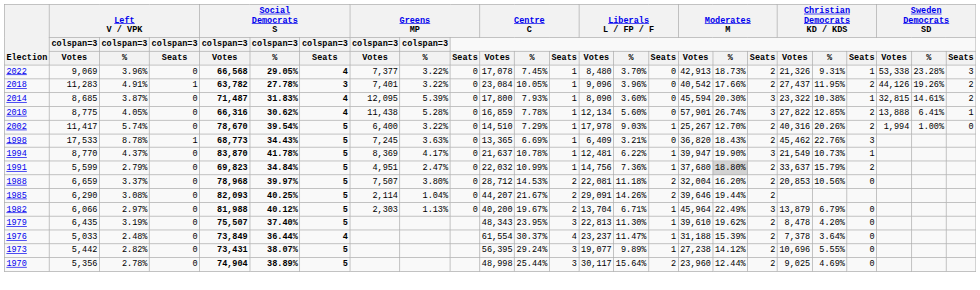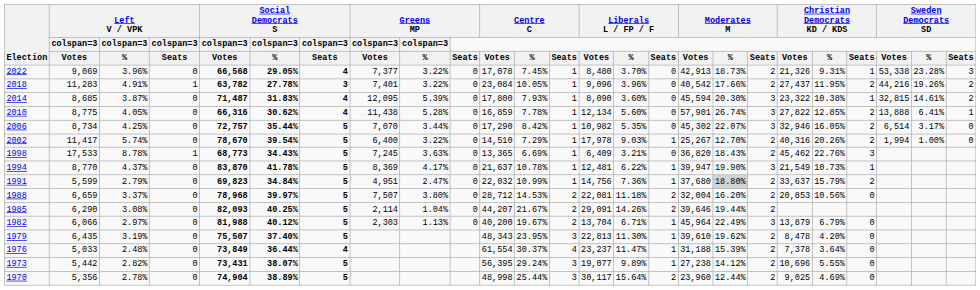 <table class="wikitable" border="1" style="font-size:95%; text-align:right;">
 <tr>
 <th style="text-align:left;" valign=bottom rowspan=3>Election</th>
 <th valign=bottom colspan=3><a href='#'>Left</a><br>V / VPK</th>
 <th valign=bottom colspan=3><a href='#'>Social<br>Democrats</a><br>S</th>
 <th valign=bottom colspan=3><a href='#'>Greens</a><br>MP</th>
 <th valign=bottom colspan=3><a href='#'>Centre</a><br>C</th>
 <th valign=bottom colspan=3><a href='#'>Liberals</a><br>L / FP / F</th>
 <th valign=bottom colspan=3><a href='#'>Moderates</a><br>M</th>
 <th valign=bottom colspan=3><a href='#'>Christian<br>Democrats</a><br>KD / KDS</th>
 <th valign=bottom colspan=3><a href='#'>Sweden<br>Democrats</a><br>SD</th>
 </tr>
 <tr>
 <th>colspan=3 </th>
 <th>colspan=3 </th>
 <th>colspan=3 </th>
 <th>colspan=3 </th>
 <th>colspan=3 </th>
 <th>colspan=3 </th>
 <th>colspan=3 </th>
 <th>colspan=3 </th>
 </tr>
 <tr>
 <th>Votes</th>
 <th>%</th>
 <th>Seats</th>
 <th>Votes</th>
 <th>%</th>
 <th>Seats</th>
 <th>Votes</th>
 <th>%</th>
 <th>Seats</th>
 <th>Votes</th>
 <th>%</th>
 <th>Seats</th>
 <th>Votes</th>
 <th>%</th>
 <th>Seats</th>
 <th>Votes</th>
 <th>%</th>
 <th>Seats</th>
 <th>Votes</th>
 <th>%</th>
 <th>Seats</th>
 <th>Votes</th>
 <th>%</th>
 <th>Seats</th>
 </tr>
 <tr>
 <td align=left><a href='#'>2022</a></td>
 <td>9,069</td>
 <td>3.96%</td>
 <td>0</td>
 <td><strong>66,568</strong></td>
 <td><strong>29.05%</strong></td>
 <td><strong>4</strong></td>
 <td>7,377</td>
 <td>3.22%</td>
 <td>0</td>
 <td>17,078</td>
 <td>7.45%</td>
 <td>1</td>
 <td>8,480</td>
 <td>3.70%</td>
 <td>0</td>
 <td>42,913</td>
 <td>18.73%</td>
 <td>2</td>
 <td>21,326</td>
 <td>9.31%</td>
 <td>1</td>
 <td>53,338</td>
 <td>23.28%</td>
 <td>3</td>
 </tr>
 <tr>
 <td align=left><a href='#'>2018</a></td>
 <td>11,283</td>
 <td>4.91%</td>
 <td>1</td>
 <td><strong>63,782</strong></td>
 <td><strong>27.78%</strong></td>
 <td><strong>3</strong></td>
 <td>7,401</td>
 <td>3.22%</td>
 <td>0</td>
 <td>23,084</td>
 <td>10.05%</td>
 <td>1</td>
 <td>9,096</td>
 <td>3.96%</td>
 <td>0</td>
 <td>40,542</td>
 <td>17.66%</td>
 <td>2</td>
 <td>27,437</td>
 <td>11.95%</td>
 <td>2</td>
-<td>44,126</td>
+<td>44,216</td>
 <td>19.26%</td>
 <td>2</td>
 </tr>
 <tr>
 <td align=left><a href='#'>2014</a></td>
 <td>8,685</td>
 <td>3.87%</td>
 <td>0</td>
 <td><strong>71,487</strong></td>
 <td><strong>31.83%</strong></td>
 <td><strong>4</strong></td>
 <td>12,095</td>
 <td>5.39%</td>
 <td>0</td>
 <td>17,800</td>
 <td>7.93%</td>
 <td>1</td>
 <td>8,090</td>
 <td>3.60%</td>
 <td>0</td>
 <td>45,594</td>
 <td>20.30%</td>
 <td>3</td>
 <td>23,322</td>
 <td>10.38%</td>
 <td>1</td>
 <td>32,815</td>
 <td>14.61%</td>
 <td>2</td>
 </tr>
 <tr>
 <td align=left><a href='#'>2010</a></td>
 <td>8,775</td>
 <td>4.05%</td>
 <td>0</td>
 <td><strong>66,316</strong></td>
 <td><strong>30.62%</strong></td>
 <td><strong>4</strong></td>
 <td>11,438</td>
 <td>5.28%</td>
 <td>0</td>
 <td>16,859</td>
 <td>7.78%</td>
 <td>1</td>
 <td>12,134</td>
 <td>5.60%</td>
 <td>0</td>
 <td>57,901</td>
 <td>26.74%</td>
 <td>3</td>
 <td>27,822</td>
 <td>12.85%</td>
 <td>2</td>
 <td>13,888</td>
 <td>6.41%</td>
 <td>1</td>
+</tr>
+<tr>
+<td align=left><a href='#'>2006</a></td>
+<td>8,734</td>
+<td>4.25%</td>
+<td>0</td>
+<td><strong>72,757</strong></td>
+<td><strong>35.44%</strong></td>
+<td><strong>5</strong></td>
+<td>7,070</td>
+<td>3.44%</td>
+<td>0</td>
+<td>17,290</td>
+<td>8.42%</td>
+<td>1</td>
+<td>10,982</td>
+<td>5.35%</td>
+<td>0</td>
+<td>45,302</td>
+<td>22.07%</td>
+<td>3</td>
+<td>32,946</td>
+<td>16.05%</td>
+<td>2</td>
+<td>6,514</td>
+<td>3.17%</td>
+<td>0</td>
 </tr>
 <tr>
 <td align=left><a href='#'>2002</a></td>
 <td>11,417</td>
 <td>5.74%</td>
 <td>0</td>
 <td><strong>78,670</strong></td>
 <td><strong>39.54%</strong></td>
 <td><strong>5</strong></td>
 <td>6,400</td>
 <td>3.22%</td>
 <td>0</td>
 <td>14,510</td>
 <td>7.29%</td>
 <td>1</td>
 <td>17,978</td>
 <td>9.03%</td>
 <td>1</td>
 <td>25,267</td>
 <td>12.70%</td>
 <td>2</td>
 <td>40,316</td>
 <td>20.26%</td>
 <td>2</td>
 <td>1,994</td>
 <td>1.00%</td>
 <td>0</td>
 </tr>
 <tr>
 <td align=left><a href='#'>1998</a></td>
 <td>17,533</td>
 <td>8.78%</td>
 <td>1</td>
 <td><strong>68,773</strong></td>
 <td><strong>34.43%</strong></td>
 <td><strong>5</strong></td>
 <td>7,245</td>
 <td>3.63%</td>
 <td>0</td>
 <td>13,365</td>
 <td>6.69%</td>
 <td>1</td>
 <td>6,409</td>
 <td>3.21%</td>
 <td>0</td>
 <td>36,820</td>
 <td>18.43%</td>
 <td>2</td>
 <td>45,462</td>
 <td>22.76%</td>
 <td>3</td>
 <td></td>
 <td></td>
 <td></td>
 </tr>
 <tr>
 <td align=left><a href='#'>1994</a></td>
 <td>8,770</td>
 <td>4.37%</td>
 <td>0</td>
 <td><strong>83,870</strong></td>
 <td><strong>41.78%</strong></td>
 <td><strong>5</strong></td>
 <td>8,369</td>
 <td>4.17%</td>
 <td>0</td>
 <td>21,637</td>
 <td>10.78%</td>
 <td>1</td>
 <td>12,481</td>
 <td>6.22%</td>
 <td>1</td>
 <td>39,947</td>
 <td>19.90%</td>
 <td>3</td>
 <td>21,549</td>
 <td>10.73%</td>
 <td>1</td>
 <td></td>
 <td></td>
 <td></td>
 </tr>
 <tr>
 <td align=left><a href='#'>1991</a></td>
 <td>5,599</td>
 <td>2.79%</td>
 <td>0</td>
 <td><strong>69,823</strong></td>
 <td><strong>34.84%</strong></td>
 <td><strong>5</strong></td>
 <td>4,951</td>
 <td>2.47%</td>
 <td>0</td>
 <td>22,032</td>
 <td>10.99%</td>
 <td>1</td>
 <td>14,756</td>
 <td>7.36%</td>
 <td>1</td>
 <td>37,680</td>
 <td style="background: lightgrey;">18.80%</td>
 <td>2</td>
 <td>33,637</td>
 <td>15.79%</td>
 <td>2</td>
 <td></td>
 <td></td>
 <td></td>
 </tr>
 <tr>
 <td align=left><a href='#'>1988</a></td>
 <td>6,659</td>
 <td>3.37%</td>
 <td>0</td>
 <td><strong>78,968</strong></td>
 <td><strong>39.97%</strong></td>
 <td><strong>5</strong></td>
 <td>7,507</td>
 <td>3.80%</td>
 <td>0</td>
 <td>28,712</td>
 <td>14.53%</td>
 <td>2</td>
 <td>22,081</td>
 <td>11.18%</td>
 <td>2</td>
 <td>32,004</td>
 <td>16.20%</td>
 <td>2</td>
 <td>20,853</td>
 <td>10.56%</td>
 <td>0</td>
 <td></td>
 <td></td>
 <td></td>
 </tr>
 <tr>
 <td align=left><a href='#'>1985</a></td>
 <td>6,290</td>
 <td>3.08%</td>
 <td>0</td>
 <td><strong>82,093</strong></td>
 <td><strong>40.25%</strong></td>
 <td><strong>5</strong></td>
 <td>2,114</td>
 <td>1.04%</td>
 <td>0</td>
 <td>44,207</td>
 <td>21.67%</td>
 <td>2</td>
 <td>29,091</td>
 <td>14.26%</td>
 <td>2</td>
 <td>39,646</td>
 <td>19.44%</td>
 <td>2</td>
 <td></td>
 <td></td>
 <td></td>
 <td></td>
 <td></td>
 <td></td>
 </tr>
 <tr>
 <td align=left><a href='#'>1982</a></td>
 <td>6,066</td>
 <td>2.97%</td>
 <td>0</td>
 <td><strong>81,988</strong></td>
 <td><strong>40.12%</strong></td>
 <td><strong>5</strong></td>
 <td>2,303</td>
 <td>1.13%</td>
 <td>0</td>
 <td>40,200</td>
 <td>19.67%</td>
 <td>2</td>
 <td>13,704</td>
 <td>6.71%</td>
 <td>1</td>
 <td>45,964</td>
 <td>22.49%</td>
 <td>3</td>
 <td>13,879</td>
 <td>6.79%</td>
 <td>0</td>
 <td></td>
 <td></td>
 <td></td>
 </tr>
 <tr>
 <td align=left><a href='#'>1979</a></td>
 <td>6,435</td>
 <td>3.19%</td>
 <td>0</td>
 <td><strong>75,507</strong></td>
 <td><strong>37.40%</strong></td>
 <td><strong>5</strong></td>
 <td></td>
 <td></td>
 <td></td>
 <td>48,343</td>
 <td>23.95%</td>
 <td>3</td>
 <td>22,813</td>
 <td>11.30%</td>
 <td>1</td>
 <td>39,610</td>
 <td>19.62%</td>
 <td>2</td>
 <td>8,478</td>
 <td>4.20%</td>
 <td>0</td>
 <td></td>
 <td></td>
 <td></td>
 </tr>
 <tr>
 <td align=left><a href='#'>1976</a></td>
 <td>5,033</td>
 <td>2.48%</td>
 <td>0</td>
 <td><strong>73,849</strong></td>
 <td><strong>36.44%</strong></td>
 <td><strong>4</strong></td>
 <td></td>
 <td></td>
 <td></td>
 <td>61,554</td>
 <td>30.37%</td>
 <td>4</td>
 <td>23,237</td>
 <td>11.47%</td>
 <td>1</td>
 <td>31,188</td>
 <td>15.39%</td>
 <td>2</td>
 <td>7,378</td>
 <td>3.64%</td>
 <td>0</td>
 <td></td>
 <td></td>
 <td></td>
 </tr>
 <tr>
 <td align=left><a href='#'>1973</a></td>
 <td>5,442</td>
 <td>2.82%</td>
 <td>0</td>
 <td><strong>73,431</strong></td>
 <td><strong>38.07%</strong></td>
 <td><strong>5</strong></td>
 <td></td>
 <td></td>
 <td></td>
 <td>56,395</td>
 <td>29.24%</td>
 <td>3</td>
 <td>19,077</td>
 <td>9.89%</td>
 <td>1</td>
 <td>27,238</td>
 <td>14.12%</td>
 <td>2</td>
 <td>10,696</td>
 <td>5.55%</td>
 <td>0</td>
 <td></td>
 <td></td>
 <td></td>
 </tr>
 <tr>
 <td align=left><a href='#'>1970</a></td>
 <td>5,356</td>
 <td>2.78%</td>
 <td>0</td>
 <td><strong>74,904</strong></td>
 <td><strong>38.89%</strong></td>
 <td><strong>5</strong></td>
 <td></td>
 <td></td>
 <td></td>
 <td>48,998</td>
 <td>25.44%</td>
 <td>3</td>
 <td>30,117</td>
 <td>15.64%</td>
 <td>2</td>
 <td>23,960</td>
 <td>12.44%</td>
 <td>2</td>
 <td>9,025</td>
 <td>4.69%</td>
 <td>0</td>
 <td></td>
 <td></td>
 <td></td>
 </tr>
 </table>
